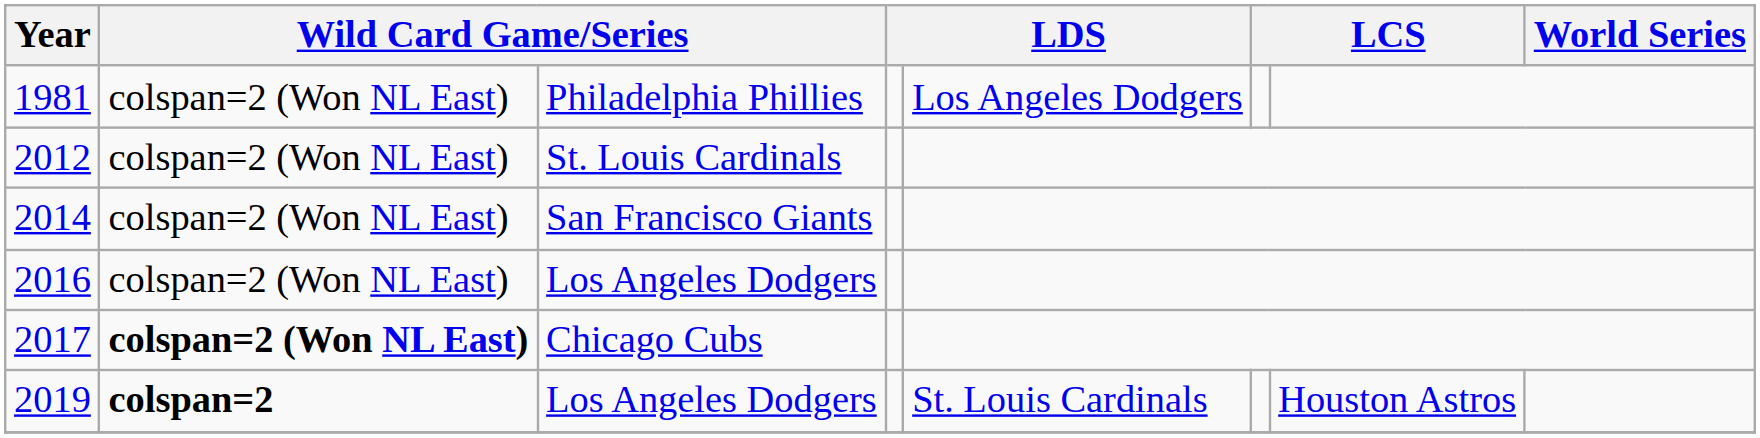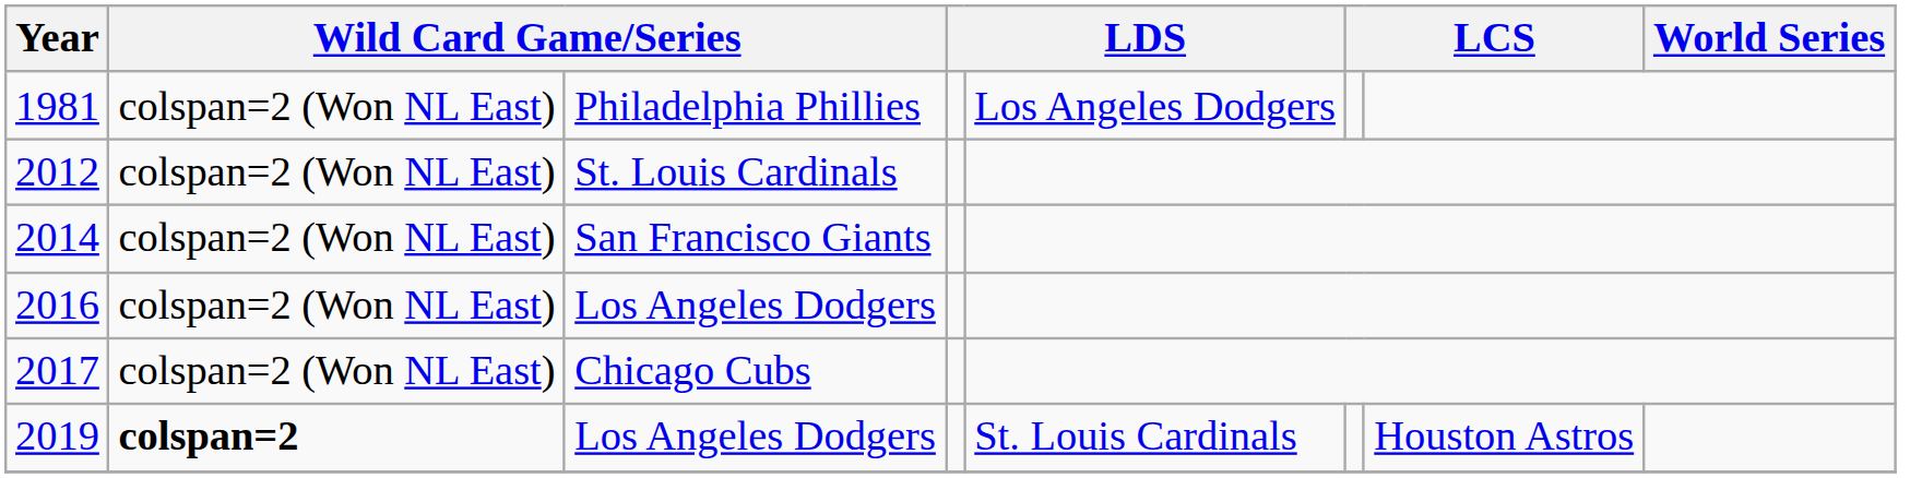 <table class="wikitable">
 <tr>
 <th>Year</th>
 <th colspan=2><a href='#'><span>Wild Card Game/Series</span></a></th>
 <th colspan=2><a href='#'><span>LDS</span></a></th>
 <th colspan=2><a href='#'><span>LCS</span></a></th>
 <th colspan=2><a href='#'><span>World Series</span></a></th>
 </tr>
 <tr>
 <td align=center><a href='#'>1981</a></td>
 <td>colspan=2  (Won <a href='#'>NL East</a>)</td>
 <td><a href='#'>Philadelphia Phillies</a></td>
 <td></td>
 <td><a href='#'>Los Angeles Dodgers</a></td>
 <td></td>
 <td colspan=2></td>
 </tr>
 <tr>
 <td align=center><a href='#'>2012</a></td>
 <td>colspan=2  (Won <a href='#'>NL East</a>)</td>
 <td><a href='#'>St. Louis Cardinals</a></td>
 <td></td>
 <td colspan=4></td>
 </tr>
 <tr>
 <td align=center><a href='#'>2014</a></td>
 <td>colspan=2  (Won <a href='#'>NL East</a>)</td>
 <td><a href='#'>San Francisco Giants</a></td>
 <td></td>
 <td colspan=4></td>
 </tr>
 <tr>
 <td align=center><a href='#'>2016</a></td>
 <td>colspan=2  (Won <a href='#'>NL East</a>)</td>
 <td><a href='#'>Los Angeles Dodgers</a></td>
 <td></td>
 <td colspan=4></td>
 </tr>
 <tr>
 <td align=center><a href='#'>2017</a></td>
-<td><strong>colspan=2  (Won <a href='#'>NL East</a>)</strong></td>
+<td>colspan=2  (Won <a href='#'>NL East</a>)</td>
 <td><a href='#'>Chicago Cubs</a></td>
 <td></td>
 <td colspan=4></td>
 </tr>
 <tr>
 <td align=center><a href='#'>2019</a></td>
 <td><strong>colspan=2 </strong></td>
 <td><a href='#'>Los Angeles Dodgers</a></td>
 <td></td>
 <td><a href='#'>St. Louis Cardinals</a></td>
 <td></td>
 <td><a href='#'>Houston Astros</a></td>
 <td></td>
 </tr>
 <tr>
 </tr>
 </table>
